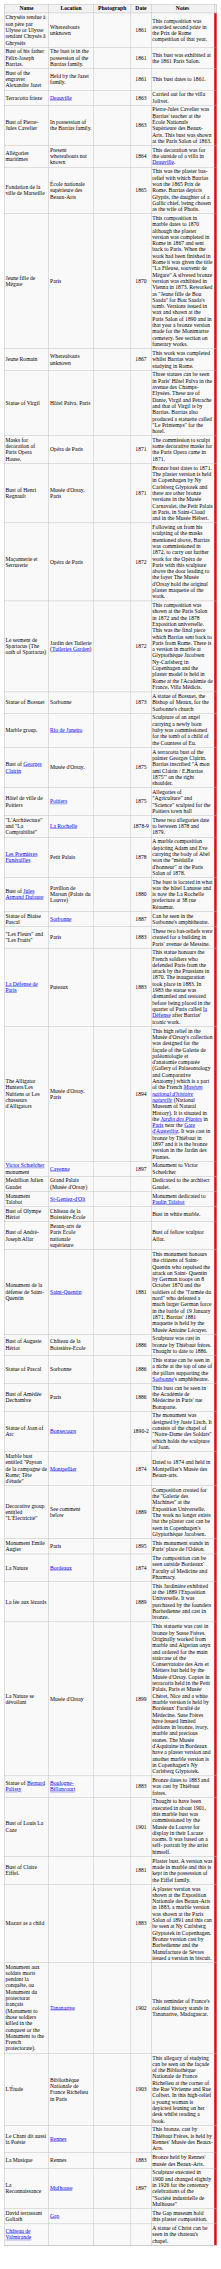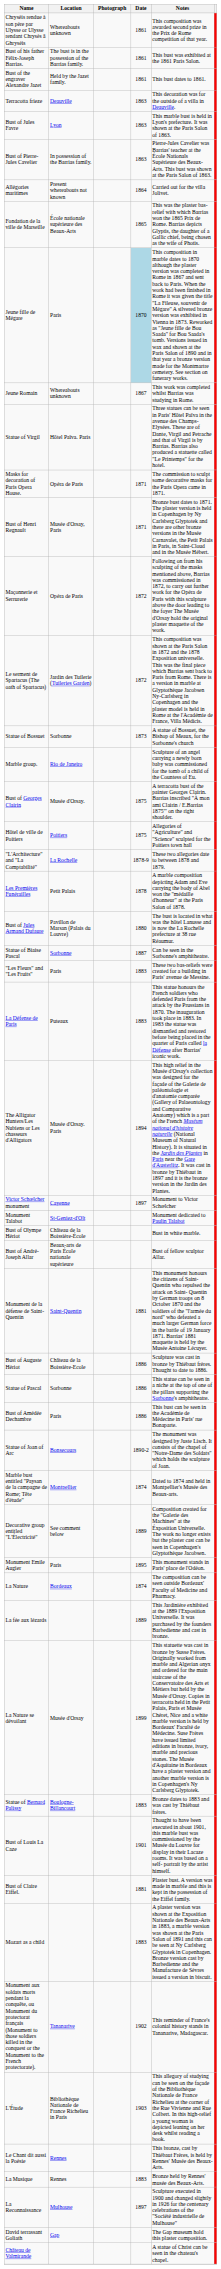 <table class="wikitable sortable plainrowheaders">
 <tr>
 <th style="width:120px">Name</th>
 <th style="width:120px">Location</th>
 <th style="width:100px" class="unsortable">Photograph</th>
 <th style="width:50px">Date</th>
 <th class="unsortable">Notes</th>
 <th class="unsortable"></th>
 </tr>
 <tr>
 <td>Chryséis rendue à son père par Ulysse or Ulysse rendant Chrysès â Ghryséis</td>
 <td>Whereabouts unknown<br></td>
 <td></td>
 <td align="center">1861</td>
 <td>This composition was awarded second prize in the Prix de Rome competition of that year.</td>
 <th style="background: red"></th>
 </tr>
 <tr>
 <td>Bust of his father Félix-Joseph Barrias.</td>
 <td>The bust is in the possession of the Barrias family.</td>
 <td></td>
 <td align="center">1861</td>
 <td>This bust was exhibited at the 1861 Paris Salon.</td>
 <th style="background: red"></th>
 </tr>
 <tr>
 <td>Bust of the engraver Alexandre Jazet</td>
 <td>Held by the Jazet family.</td>
 <td></td>
 <td align="center">1861</td>
 <td>This bust dates to 1861.</td>
 <th style="background: red"></th>
 </tr>
 <tr>
 <td>Terracotta frieze</td>
 <td><a href='#'>Deauville</a><br></td>
 <td></td>
 <td align="center">1863</td>
-<td>Carried out for the villa Jolivet.</td>
+<td>This decoration was for the outside of a villa in <a href='#'>Deauville</a>.</td>
+<th style="background: red"></th>
+</tr>
+<tr>
+<td>Bust of Jules Favre</td>
+<td><a href='#'>Lyon</a></td>
+<td></td>
+<td align="center">1863</td>
+<td>This marble bust is held in Lyon's prefecture. It was shown at the Paris Salon of 1863.</td>
 <th style="background: red"></th>
 </tr>
 <tr>
 <td>Bust of Pierre-Jules Cavelier</td>
 <td>In possession of the Barrias family.</td>
 <td></td>
 <td align="center">1863</td>
 <td>Pierre-Jules Cavelier was Barrias' teacher at the École Nationals Supérieure des Beaux-Arts. This bust was shown at the Paris Salon of 1863.</td>
 <th style="background: red"></th>
 </tr>
 <tr>
 <td>Allégories maritimes</td>
 <td>Present whereabouts not known<br></td>
 <td></td>
 <td align="center">1864</td>
-<td>This decoration was for the outside of a villa in <a href='#'>Deauville</a>.</td>
+<td>Carried out for the villa Jolivet.</td>
 <th style="background: red"></th>
 </tr>
 <tr>
 <td>Fondation de la ville de Marseille</td>
 <td>École nationale supérieure des Beaux-Arts<br></td>
 <td></td>
 <td align="center">1865</td>
 <td>This was the plaster bas-relief with which Barrias won the 1865 Prix de Rome. Barrias depicts Glyptis, the daughter of a Gallic chief, being chosen as the wife of Photis.</td>
 <th style="background: red"></th>
 </tr>
 <tr>
 <td>Jeune fille de Mégare</td>
 <td>Paris<br></td>
 <td></td>
-<td align="center">1870</td>
+<td align="center" style="background: lightblue;">1870</td>
 <td>This composition in marble dates to 1870 although the plaster version was completed in Rome in 1867 and sent back to Paris. When the work had been finished in Rome it was given the title  "La Fileuse, souvenir de Mégare"  A silvered bronze version was exhibited in Vienna in 1873. Reworked as "Jeune fille de Bou Saada" for Bou Saada's tomb. Versions issued in wax and shown at the Paris Salon of 1890 and in that year a bronze version made for the Montmartre cemetery. See section on funerary works.</td>
 <th style="background: red"></th>
 </tr>
 <tr>
 <td>Jeune Romain</td>
 <td>Whereabouts unknown<br></td>
 <td></td>
 <td align="center">1867</td>
 <td>This work was completed whilst Barrias was studying in Rome.</td>
 <th style="background: red"></th>
 </tr>
 <tr>
 <td>Statue of Virgil</td>
 <td>Hôtel Païva. Paris <br></td>
 <td></td>
 <td></td>
 <td>Three statues can be seen in Paris' Hôtel Païva in the avenue des Champs-Elysées. These are of Dante, Virgil and Petrache and that of Virgil is by Barrias. Barrias also produced a statuette called "Le Printemps" for the hotel.</td>
 <th style="background: red"></th>
 </tr>
 <tr>
 <td>Masks for decoration of Paris Opera House.</td>
 <td>Opéra de Paris<br></td>
 <td></td>
 <td align="center">1871</td>
 <td>The commission to sculpt some decorative masks for the Paris Opera came in 1871.</td>
 <th style="background: red"></th>
 </tr>
 <tr>
 <td>Bust of Henri Regnault</td>
 <td>Musée d'Orsay, Paris<br></td>
 <td></td>
 <td align="center">1871</td>
 <td>Bronze bust dates to 1871. The plaster version is held in Copenhagen by Ny Carlsberg Glyptotek and there are other bronze versions in the Musée Carnavalet, the Petit Palais in Paris, in Saint-Cloud and in the Musée Hébert.</td>
 <th style="background: red"></th>
 </tr>
 <tr>
 <td>Maçonnerie et Serrurerie</td>
 <td>Opéra de Paris <br></td>
 <td></td>
 <td align="center">1872</td>
 <td>Following on from his sculpting of the masks mentioned above, Barrias was commissioned in 1872, to carry out further work for the Opéra de Paris with this sculpture above the door leading to the foyer The Musée d'Orsay hold the original plaster maquette of the work.</td>
 <th style="background: red"></th>
 </tr>
 <tr>
 <td>Le serment de Spartacus (The oath of Spartacus)</td>
 <td>Jardin des Tuilerie (<a href='#'>Tuileries Garden</a>)<br></td>
 <td></td>
 <td align="center">1872</td>
 <td>This composition was shown at the Paris Salon in 1872 and the 1878 Exposition universelle. This was the final piece which Barrias sent back to Paris from Rome. There is a version in marble at Glyptothèque Jacobsen Ny-Carlsberg in Copenhagen and the plaster model is held in Rome at the l'Académie de France, Villa Médicis.</td>
 <th style="background: red"></th>
 </tr>
 <tr>
 <td>Statue of Bossuet</td>
 <td>Sorbonne</td>
 <td></td>
 <td align="center">1873</td>
 <td>A statue of Bossuet, the Bishop of Meaux, for the Sorbonne's church</td>
 <th style="background: red"></th>
 </tr>
 <tr>
 <td>Marble group.</td>
 <td><a href='#'>Rio de Janeiro</a><br></td>
 <td></td>
 <td></td>
 <td>Sculpture of an angel carrying a newly born baby was commissioned for the tomb of a child of the Countess of Eu.</td>
 <th style="background: red"></th>
 </tr>
 <tr>
 <td>Bust of <a href='#'>Georges Clairin</a></td>
 <td>Musée d'Orsay.<br></td>
 <td></td>
 <td align="center">1875</td>
 <td>A terracotta bust of the painter Georges Clairin. Barrias inscribed  "À mon ami Clairin / E.Barrias 1875"' on the right shoulder.</td>
 <th style="background: red"></th>
 </tr>
 <tr>
 <td>Hôtel de ville de Poitiers</td>
 <td><a href='#'>Poitiers</a></td>
 <td></td>
 <td align="center">1875</td>
 <td>Allegories of "Agriculture" and "Science" sculpted for the Poitiers town hall</td>
 <th style="background: red"></th>
 </tr>
 <tr>
 <td>"L'Architecture" and "La Comptabilité"</td>
 <td><a href='#'>La Rochelle</a><br></td>
 <td></td>
 <td align="center">1878-9</td>
 <td>These two allegories date to between 1878 and 1879.</td>
 <th style="background: red"></th>
 </tr>
 <tr>
 <td><a href='#'>Les Premières Funérailles</a></td>
 <td>Petit Palais<br></td>
 <td></td>
 <td align="center">1878</td>
 <td>A marble composition depicting Adam and Eve carrying the body of Abel won the "médaille d'honneur" at the Paris Salon of 1878.</td>
 <th style="background: red"></th>
 </tr>
 <tr>
 <td>Bust of <a href='#'>Jules Armand Dufaure</a></td>
 <td>Pavillon de Marsan (Palais du Louvre)</td>
 <td></td>
 <td align="center">1880</td>
 <td>The bust is located in what was the hôtel Lanusse and is now the La Rochelle prefecture at 38 rue Réaumur.</td>
 <th style="background: red"></th>
 </tr>
 <tr>
 <td>Statue of Biaise Pascal</td>
 <td><a href='#'>Sorbonne</a><br></td>
 <td></td>
 <td align="center">1887</td>
 <td>Can be seen in the Sorbonne's amphitheatre.</td>
 <th style="background: red"></th>
 </tr>
 <tr>
 <td>"Les Fleurs" and "Les Fruits"</td>
 <td>Paris<br></td>
 <td></td>
 <td align="center">1883</td>
 <td>These two bas-reliefs were created for a building in Paris' avenue de Messine.</td>
 <th style="background: red"></th>
 </tr>
 <tr>
 <td><a href='#'>La Défense de Paris</a></td>
 <td>Puteaux<br></td>
 <td></td>
 <td align="center">1883</td>
 <td>This statue honours the French soldiers who defended Paris from the attack by the Prussians in 1870. The inauguration took place in 1883. In 1983 the statue was dismantled and restored before being placed in the quarter of Paris called <a href='#'>la Défense</a> after Barrias' iconic work.</td>
 <th style="background: red"></th>
 </tr>
 <tr>
 <td>The Alligator Hunters/Les Nubiens or Les chasseurs d'Alligators</td>
 <td>Musée d'Orsay. Paris<br></td>
 <td></td>
 <td align="center">1894</td>
 <td>This high relief in the Musée d'Orsay's collection was designed for the façade of the Galerie de paléontologie et d'anatomie comparée (Gallery of Palaeontology and Comparative Anatomy) which is a part of the French <em><a href='#'>Muséum national d'histoire naturelle</a></em> (National Museum of Natural History). It is situated in the <em><a href='#'>Jardin des Plantes</a></em> in <a href='#'>Paris</a> near the <a href='#'>Gare d'Austerlitz</a>. It was cast in bronze by Thiébaut in 1897 and it is the bronze version in the Jardin des Plantes.</td>
 <th style="background: red"></th>
 </tr>
 <tr>
 <td><a href='#'>Victor Schœlcher</a> monument</td>
 <td><a href='#'>Cayenne</a></td>
 <td></td>
 <td align="center">1897</td>
 <td>Monument to Victor Schœlcher</td>
-<th style="background: red"></th>
-</tr>
-<tr>
-<td>Medallion Julien Guadet</td>
-<td>Grand Palais (Musée d'Orsay)</td>
-<td></td>
-<td></td>
-<td>Dedicated to the architect Gaudet.</td>
 <th style="background: red"></th>
 </tr>
 <tr>
 <td>Monument Talabot</td>
 <td><a href='#'>St-Geniez-d'Olt</a><br></td>
 <td></td>
 <td></td>
 <td>Monument dedicated to <a href='#'>Paulin Talabot</a></td>
 <th style="background: red"></th>
 </tr>
 <tr>
 <td>Bust of Olympe Hériot</td>
 <td>Château de la Boissière-École<br></td>
 <td></td>
 <td></td>
 <td>Bust in white marble.</td>
 <th style="background: red"></th>
 </tr>
 <tr>
 <td>Bust of André-Joseph Allar</td>
 <td>Beaux-arts de Paris École nationale supérieure<br></td>
 <td></td>
 <td></td>
 <td>Bust of fellow sculptor Allar.</td>
 <th style="background: red"></th>
 </tr>
 <tr>
 <td>Monument de la défense de Saint-Quentin</td>
 <td><a href='#'>Saint-Quentin</a></td>
 <td></td>
 <td align="center">1881</td>
 <td>This monument honours the citizens of Saint-Quentin who repulsed the attack on Saint- Quentin by German troops on 8 October 1870 and the soldiers of the "l'armée du nord" who defeated a much larger German force in the battle of 19 January 1871. Barrias' 1881 maquette is held by the Musée Antoine Lécuyer.</td>
 <th style="background: red"></th>
 </tr>
 <tr>
 <td>Bust of Auguste Hériot</td>
 <td>Château de la Boissière-Ecole<br></td>
 <td></td>
 <td align="center">1886</td>
 <td>Sculpture was cast in bronze by Thiébaut frères. Thought to date to 1886.</td>
 <th style="background: red"></th>
 </tr>
 <tr>
 <td>Statue of Pascal</td>
 <td>Sorbonne<br></td>
 <td></td>
 <td align="center">1886</td>
 <td>This statue can be seen in a niche at the top of one of the pillars supporting the <a href='#'>Sorbonne</a>'s amphitheatre.</td>
 <th style="background: red"></th>
 </tr>
 <tr>
 <td>Bust of Amédée Dechambre</td>
 <td>Paris<br></td>
 <td></td>
 <td align="center">1886</td>
 <td>This bust can be seen in the Académie de Médecine in Paris' rue Bonaparte.</td>
 <th style="background: red"></th>
 </tr>
 <tr>
 <td>Statue of Joan of Arc</td>
 <td><a href='#'>Bonsecours</a><br></td>
 <td></td>
 <td align="center">1890-2</td>
 <td>The monument was designed by Juste Lisch. It consists of the chapel of "Notre-Dame des Soldats" which holds the sculpture of Joan.</td>
 <th style="background: red"></th>
 </tr>
 <tr>
 <td>Marble bust entitled "Paysan de la campagne de Rome; Tête d'étude"</td>
 <td><a href='#'>Montpellier</a><br></td>
 <td></td>
 <td align="center">1874</td>
 <td>Dated to 1874 and held in Montpellier's Musée des Beaux-arts.</td>
 <th style="background: red"></th>
 </tr>
 <tr>
 <td>Decorative group entitled "L'Électricité"</td>
 <td>See comment below</td>
 <td></td>
 <td align="center">1889</td>
 <td>Composition created for the "Galerie des Machines" at the Éxposition Universelle. The work no longer exists but the plaster cast can be seen in Copenhagen's Glyptothèque Jacobsen.</td>
 <th style="background: red"></th>
 </tr>
 <tr>
 <td>Monument Emile Augier</td>
 <td>Paris<br></td>
 <td></td>
 <td align="center">1895</td>
 <td>This monument stands in Paris' place de l'Odéon.</td>
 <th style="background: red"></th>
 </tr>
 <tr>
 <td>La Nature</td>
 <td><a href='#'>Bordeaux</a><br></td>
 <td></td>
 <td align="center">1874</td>
 <td>The composition can be seen outside Bordeaux' Faculty of Medicine and Pharmacy.</td>
 <th style="background: red"></th>
 </tr>
 <tr>
 <td>La fée aux lézards</td>
 <td></td>
 <td></td>
 <td align="center">1889</td>
 <td>This Jardinière exhibited at the 1889 l'Exposition Universelle. It was purchased by the founders Barbedienne and cast in bronze.</td>
 <th style="background: red"></th>
 </tr>
 <tr>
 <td>La Nature se dévoilant</td>
 <td>Musée d'Orsay<br></td>
 <td></td>
 <td align="center">1899</td>
 <td>This statuette was cast in bronze by Susse Frères. Originally worked from marble and Algerian onyx and ordered for the main staircase of the Conservatoire des Arts et Métiers but held by the Musée d'Orsay. Copies in terracotta held in the Petit Palais, Paris et Musée Chéret, Nice and a white marble version is held by Bordeaux' Faculté de Médecine. Suse Frères have issued limited editions in bronze, ivory, marble and precious stones. The Musée d'Aquitaine in Bordeaux have a plaster version and another marble version is in Copenhagen's Ny Carlsberg Glyptotek.</td>
 <th style="background: red"></th>
 </tr>
 <tr>
 <td>Statue of <a href='#'>Bernard Palissy</a></td>
 <td><a href='#'>Boulogne-Billancourt</a><br></td>
 <td></td>
 <td align="center">1883</td>
 <td>Bronze dates to 1883 and was cast by Thiébaut frères.</td>
 <th style="background: red"></th>
 </tr>
 <tr>
 <td>Bust of Louis La Caze</td>
 <td></td>
 <td></td>
 <td align="center">1901</td>
 <td>Thought to have been executed in about 1901, this marble bust was commissioned by the Musée du Louvre for display in their Lacaze rooms. It was based on a self- portrait by the artist himself.</td>
 <th style="background: red"></th>
 </tr>
 <tr>
 <td>Bust of Claire Eiffel.</td>
 <td></td>
 <td></td>
 <td align="center">1881</td>
 <td>Plaster bust. A version was made in marble and this is kept in the possession of the Eiffel family.</td>
 <th style="background: red"></th>
 </tr>
 <tr>
 <td>Mozart as a child</td>
 <td></td>
 <td></td>
 <td align="center">1883</td>
 <td>A plaster version was shown at the Exposition Nationale des Beaux-Arts in 1883, a marble version was shown at the Paris Salon of 1891 and this can be seen at Ny Carlsberg Glyptotek in Copenhagen. Bronze version cast by Barbedienne and the Manufacture de Sèvres issued a version in biscuit.</td>
 <th style="background: red"></th>
 </tr>
 <tr>
 <td>Monument aux soldats morts pendant la conquête, ou Monument du protectorat français (Monument to those soldiers killed in the conquest or the Monument to the French protectorate).</td>
 <td><a href='#'>Tananarive</a></td>
 <td></td>
 <td align="center">1902</td>
 <td>This reminder of France's colonial history stands in Tananarive, Madagascar.</td>
 <th style="background: red"></th>
 </tr>
 <tr>
 <td>L'Étude</td>
 <td>Bibliothèque Nationale de France Richelieu in Paris<br></td>
 <td></td>
 <td align="center">1903</td>
 <td>This allegory of studying can be seen on the façade of the Bibliothèque Nationale de France Richelieu at the corner of the Rue Vivienne and Rue Colbert. In this high-relief a young woman is depicted leaning on her desk whilst reading a book.</td>
 <th style="background: red"></th>
 </tr>
 <tr>
 <td>Le Chant dit aussi la Poésie</td>
 <td><a href='#'>Rennes</a></td>
 <td></td>
 <td></td>
 <td>This bronze, cast by Thiébaut Frères, is held by Rennes' Musée des Beaux-Arts.</td>
 <th style="background: red"></th>
 </tr>
 <tr>
 <td>La Musique</td>
 <td>Rennes</td>
 <td></td>
 <td align="center">1883</td>
 <td>Bronze held by Rennes' musée des Beaux-Arts.</td>
 <th style="background: red"></th>
 </tr>
 <tr>
 <td>La Reconnaissance</td>
 <td><a href='#'>Mulhouse</a><br></td>
 <td></td>
 <td align="center">1897</td>
 <td>Sculpture executed in 1900 and changed slightly in 1926 for the centenary celebrations of the "Société industrielle de Mulhouse"</td>
 <th style="background: red"></th>
 </tr>
 <tr>
 <td>David terrassant Goliath</td>
 <td><a href='#'>Gap</a></td>
 <td></td>
 <td></td>
 <td>The Gap museum hold this plaster composition.</td>
 <th style="background: red"></th>
 </tr>
 <tr>
 <td><a href='#'>Château de Valmirande</a></td>
 <td></td>
 <td></td>
 <td></td>
 <td>A statue of Christ can be seen in the chateau's chapel.</td>
 <th style="background: red"></th>
 </tr>
 <tr>
 </tr>
 </table>
